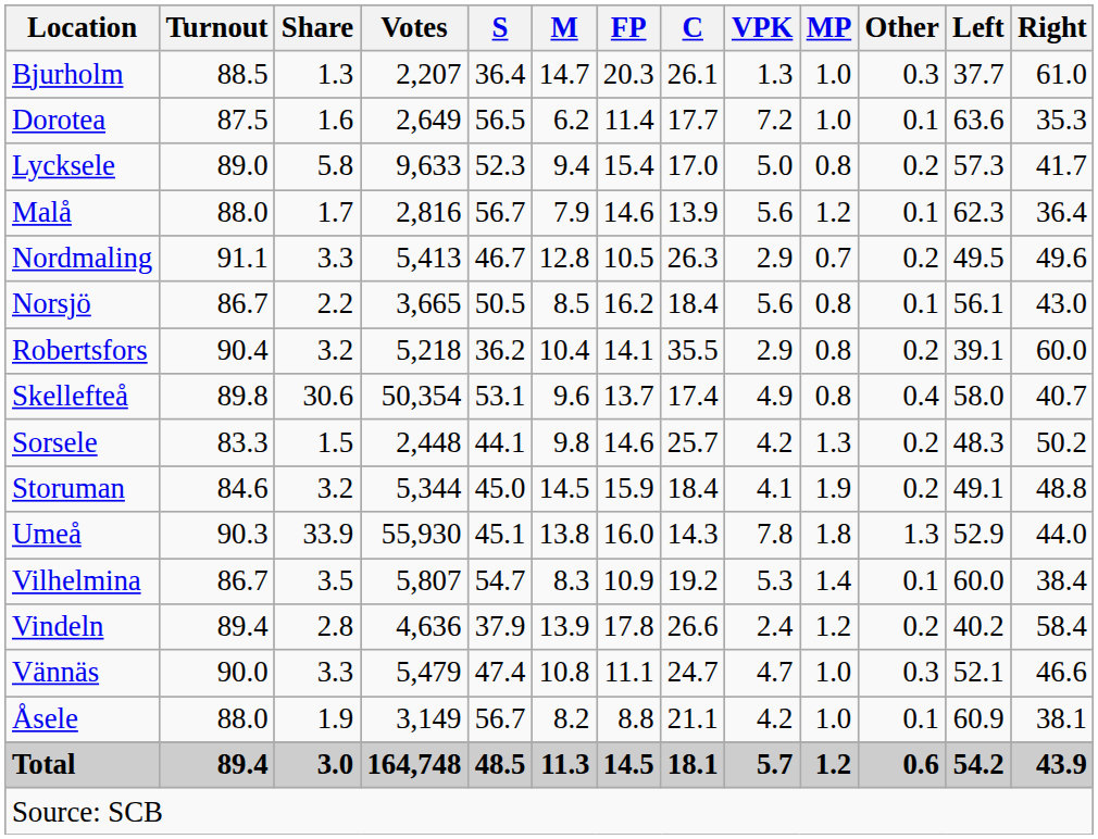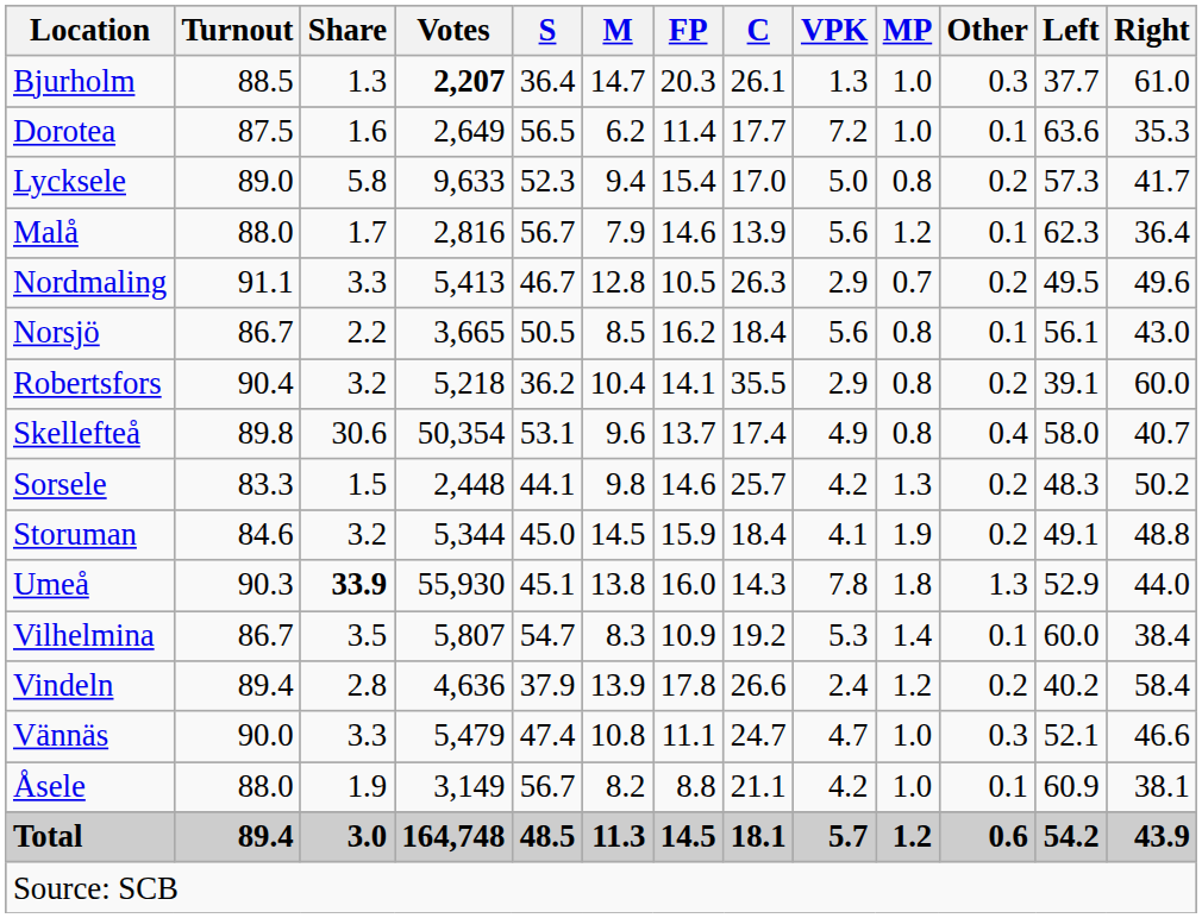 <table class="wikitable sortable" style=text-align:right>
 <tr>
 <th>Location</th>
 <th>Turnout</th>
 <th>Share</th>
 <th>Votes</th>
 <th><a href='#'>S</a></th>
 <th><a href='#'>M</a></th>
 <th><a href='#'>FP</a></th>
 <th><a href='#'>C</a></th>
 <th><a href='#'>VPK</a></th>
 <th><a href='#'>MP</a></th>
 <th>Other</th>
 <th>Left</th>
 <th>Right</th>
 </tr>
 <tr>
 <td align=left><a href='#'>Bjurholm</a></td>
 <td>88.5</td>
 <td>1.3</td>
-<td>2,207</td>
+<td><strong>2,207</strong></td>
 <td>36.4</td>
 <td>14.7</td>
 <td>20.3</td>
 <td>26.1</td>
 <td>1.3</td>
 <td>1.0</td>
 <td>0.3</td>
 <td>37.7</td>
 <td>61.0</td>
 </tr>
 <tr>
 <td align=left><a href='#'>Dorotea</a></td>
 <td>87.5</td>
 <td>1.6</td>
 <td>2,649</td>
 <td>56.5</td>
 <td>6.2</td>
 <td>11.4</td>
 <td>17.7</td>
 <td>7.2</td>
 <td>1.0</td>
 <td>0.1</td>
 <td>63.6</td>
 <td>35.3</td>
 </tr>
 <tr>
 <td align=left><a href='#'>Lycksele</a></td>
 <td>89.0</td>
 <td>5.8</td>
 <td>9,633</td>
 <td>52.3</td>
 <td>9.4</td>
 <td>15.4</td>
 <td>17.0</td>
 <td>5.0</td>
 <td>0.8</td>
 <td>0.2</td>
 <td>57.3</td>
 <td>41.7</td>
 </tr>
 <tr>
 <td align=left><a href='#'>Malå</a></td>
 <td>88.0</td>
 <td>1.7</td>
 <td>2,816</td>
 <td>56.7</td>
 <td>7.9</td>
 <td>14.6</td>
 <td>13.9</td>
 <td>5.6</td>
 <td>1.2</td>
 <td>0.1</td>
 <td>62.3</td>
 <td>36.4</td>
 </tr>
 <tr>
 <td align=left><a href='#'>Nordmaling</a></td>
 <td>91.1</td>
 <td>3.3</td>
 <td>5,413</td>
 <td>46.7</td>
 <td>12.8</td>
 <td>10.5</td>
 <td>26.3</td>
 <td>2.9</td>
 <td>0.7</td>
 <td>0.2</td>
 <td>49.5</td>
 <td>49.6</td>
 </tr>
 <tr>
 <td align=left><a href='#'>Norsjö</a></td>
 <td>86.7</td>
 <td>2.2</td>
 <td>3,665</td>
 <td>50.5</td>
 <td>8.5</td>
 <td>16.2</td>
 <td>18.4</td>
 <td>5.6</td>
 <td>0.8</td>
 <td>0.1</td>
 <td>56.1</td>
 <td>43.0</td>
 </tr>
 <tr>
 <td align=left><a href='#'>Robertsfors</a></td>
 <td>90.4</td>
 <td>3.2</td>
 <td>5,218</td>
 <td>36.2</td>
 <td>10.4</td>
 <td>14.1</td>
 <td>35.5</td>
 <td>2.9</td>
 <td>0.8</td>
 <td>0.2</td>
 <td>39.1</td>
 <td>60.0</td>
 </tr>
 <tr>
 <td align=left><a href='#'>Skellefteå</a></td>
 <td>89.8</td>
 <td>30.6</td>
 <td>50,354</td>
 <td>53.1</td>
 <td>9.6</td>
 <td>13.7</td>
 <td>17.4</td>
 <td>4.9</td>
 <td>0.8</td>
 <td>0.4</td>
 <td>58.0</td>
 <td>40.7</td>
 </tr>
 <tr>
 <td align=left><a href='#'>Sorsele</a></td>
 <td>83.3</td>
 <td>1.5</td>
 <td>2,448</td>
 <td>44.1</td>
 <td>9.8</td>
 <td>14.6</td>
 <td>25.7</td>
 <td>4.2</td>
 <td>1.3</td>
 <td>0.2</td>
 <td>48.3</td>
 <td>50.2</td>
 </tr>
 <tr>
 <td align=left><a href='#'>Storuman</a></td>
 <td>84.6</td>
 <td>3.2</td>
 <td>5,344</td>
 <td>45.0</td>
 <td>14.5</td>
 <td>15.9</td>
 <td>18.4</td>
 <td>4.1</td>
 <td>1.9</td>
 <td>0.2</td>
 <td>49.1</td>
 <td>48.8</td>
 </tr>
 <tr>
 <td align=left><a href='#'>Umeå</a></td>
 <td>90.3</td>
-<td>33.9</td>
+<td><strong>33.9</strong></td>
 <td>55,930</td>
 <td>45.1</td>
 <td>13.8</td>
 <td>16.0</td>
 <td>14.3</td>
 <td>7.8</td>
 <td>1.8</td>
 <td>1.3</td>
 <td>52.9</td>
 <td>44.0</td>
 </tr>
 <tr>
 <td align=left><a href='#'>Vilhelmina</a></td>
 <td>86.7</td>
 <td>3.5</td>
 <td>5,807</td>
 <td>54.7</td>
 <td>8.3</td>
 <td>10.9</td>
 <td>19.2</td>
 <td>5.3</td>
 <td>1.4</td>
 <td>0.1</td>
 <td>60.0</td>
 <td>38.4</td>
 </tr>
 <tr>
 <td align=left><a href='#'>Vindeln</a></td>
 <td>89.4</td>
 <td>2.8</td>
 <td>4,636</td>
 <td>37.9</td>
 <td>13.9</td>
 <td>17.8</td>
 <td>26.6</td>
 <td>2.4</td>
 <td>1.2</td>
 <td>0.2</td>
 <td>40.2</td>
 <td>58.4</td>
 </tr>
 <tr>
 <td align=left><a href='#'>Vännäs</a></td>
 <td>90.0</td>
 <td>3.3</td>
 <td>5,479</td>
 <td>47.4</td>
 <td>10.8</td>
 <td>11.1</td>
 <td>24.7</td>
 <td>4.7</td>
 <td>1.0</td>
 <td>0.3</td>
 <td>52.1</td>
 <td>46.6</td>
 </tr>
 <tr>
 <td align=left><a href='#'>Åsele</a></td>
 <td>88.0</td>
 <td>1.9</td>
 <td>3,149</td>
 <td>56.7</td>
 <td>8.2</td>
 <td>8.8</td>
 <td>21.1</td>
 <td>4.2</td>
 <td>1.0</td>
 <td>0.1</td>
 <td>60.9</td>
 <td>38.1</td>
 </tr>
 <tr>
 </tr>
 <tr style="background:#CDCDCD;">
 <td align=left><strong>Total</strong></td>
 <td><strong>89.4</strong></td>
 <td><strong>3.0</strong></td>
 <td><strong>164,748</strong></td>
 <td><strong>48.5</strong></td>
 <td><strong>11.3</strong></td>
 <td><strong>14.5</strong></td>
 <td><strong>18.1</strong></td>
 <td><strong>5.7</strong></td>
 <td><strong>1.2</strong></td>
 <td><strong>0.6</strong></td>
 <td><strong>54.2</strong></td>
 <td><strong>43.9</strong></td>
 </tr>
 <tr>
 <td align=left colspan=13>Source: SCB </td>
 </tr>
 </table>
